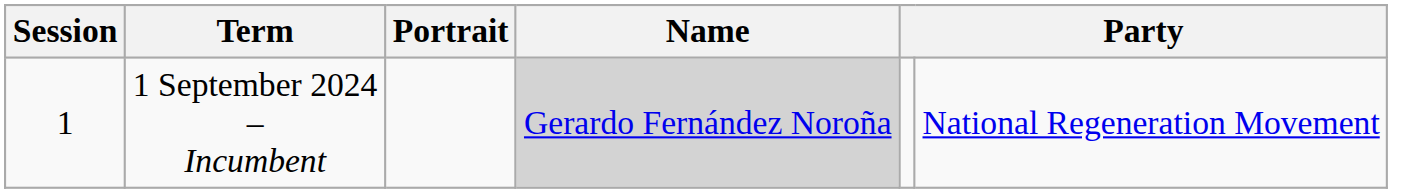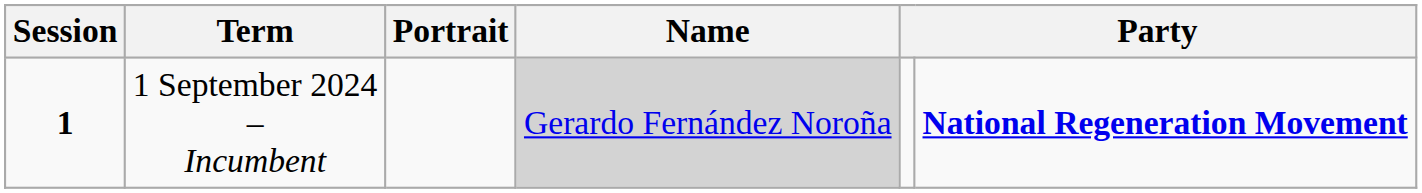 <table class="wikitable sortable" style="text-align:center">
 <tr>
 <th>Session</th>
 <th class="unsortable" scope="col">Term</th>
 <th class="unsortable" scope="col">Portrait</th>
 <th scope="col">Name</th>
 <th colspan="2" scope="col">Party</th>
 </tr>
 <tr>
-<td>1</td>
+<td><strong>1</strong></td>
 <td>1 September 2024<br>–<br><em>Incumbent</em></td>
 <td></td>
 <td style="background: lightgrey;"><a href='#'>Gerardo Fernández Noroña</a></td>
 <td style="background:"></td>
-<td><a href='#'>National Regeneration Movement</a></td>
+<td><strong><a href='#'>National Regeneration Movement</a></strong></td>
 </tr>
 </table>
